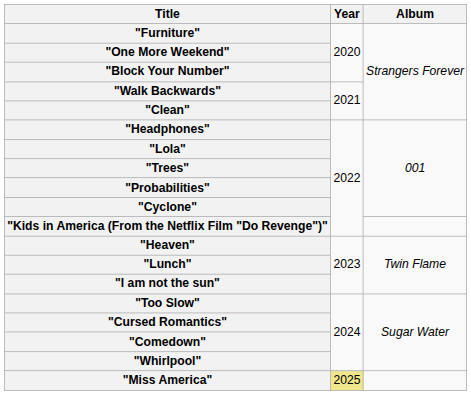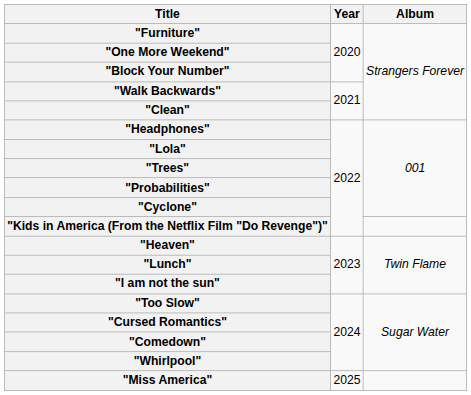 <table class="wikitable plainrowheaders" style="text-align:center;">
 <tr>
 <th scope="col">Title</th>
 <th scope="col">Year</th>
 <th>Album</th>
 </tr>
 <tr>
 <th scope="row">"Furniture"</th>
 <td rowspan="3">2020</td>
 <td rowspan="5"><em>Strangers Forever</em></td>
 </tr>
 <tr>
 <th scope="row">"One More Weekend"</th>
 </tr>
 <tr>
 <th scope="row">"Block Your Number"</th>
 </tr>
 <tr>
 <th scope="row">"Walk Backwards"</th>
 <td rowspan="2">2021</td>
 </tr>
 <tr>
 <th scope="row">"Clean"</th>
 </tr>
 <tr>
 <th scope="row">"Headphones"</th>
 <td rowspan="6">2022</td>
 <td rowspan="5"><em>001</em></td>
 </tr>
 <tr>
 <th scope="row">"Lola"</th>
 </tr>
 <tr>
 <th scope="row">"Trees"</th>
 </tr>
 <tr>
 <th scope="row">"Probabilities"</th>
 </tr>
 <tr>
 <th scope="row">"Cyclone"</th>
 </tr>
 <tr>
 <th scope="row">"Kids in America (From the Netflix Film "Do Revenge")"</th>
 <td></td>
 </tr>
 <tr>
 <th scope="row">"Heaven"</th>
 <td rowspan="3">2023</td>
 <td rowspan="3"><em>Twin Flame</em></td>
 </tr>
 <tr>
 <th scope="row">"Lunch"</th>
 </tr>
 <tr>
 <th scope="row">"I am not the sun"</th>
 </tr>
 <tr>
 <th scope="row">"Too Slow"</th>
 <td rowspan="4">2024</td>
 <td rowspan="4"><em>Sugar Water</em></td>
 </tr>
 <tr>
 <th scope="row">"Cursed Romantics"</th>
 </tr>
 <tr>
 <th scope="row">"Comedown"</th>
 </tr>
 <tr>
 <th scope="row">"Whirlpool"</th>
 </tr>
 <tr>
 <th scope="row">"Miss America"</th>
-<td style="background: khaki;">2025</td>
+<td>2025</td>
 <td></td>
 </tr>
 </table>
